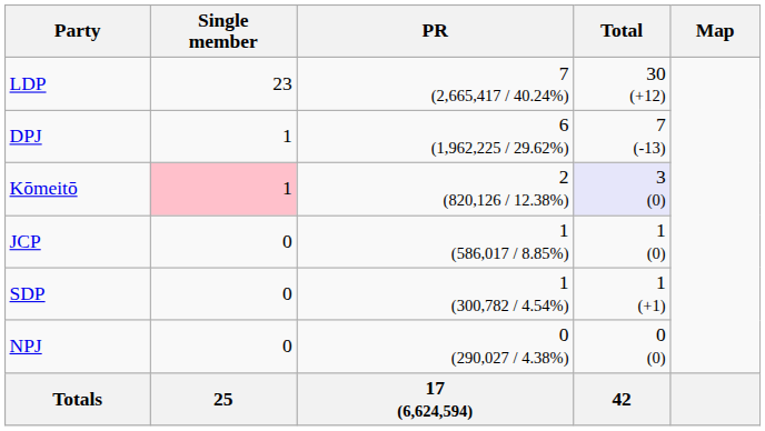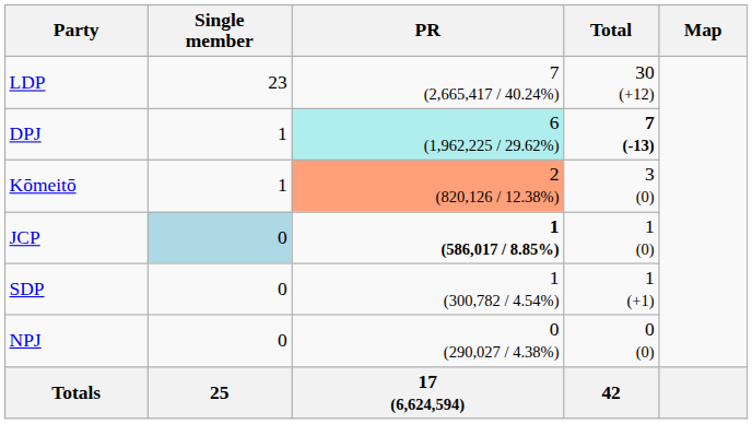 <table class="wikitable" width="100%">
 <tr>
 <th>Party</th>
 <th>Single<br>member</th>
 <th>PR</th>
 <th>Total</th>
 <th>Map</th>
 </tr>
 <tr>
 <td><a href='#'>LDP</a></td>
 <td align="right">23</td>
 <td align="right">7<br><small>(2,665,417 / 40.24%)</small></td>
 <td align="right">30<br><small>(+12)</small></td>
 <td rowspan=6 align="center"></td>
 </tr>
 <tr>
 <td><a href='#'>DPJ</a></td>
 <td align="right">1</td>
-<td align="right">6<br><small>(1,962,225 / 29.62%)</small></td>
-<td align="right">7<br><small>(-13)</small></td>
+<td align="right" style="background: paleturquoise;">6<br><small>(1,962,225 / 29.62%)</small></td>
+<td align="right"><strong>7<br><small>(-13)</small></strong></td>
 </tr>
 <tr>
 <td><a href='#'>Kōmeitō</a></td>
-<td align="right" style="background: pink;">1</td>
-<td align="right">2<br><small>(820,126 / 12.38%)</small></td>
-<td align="right" style="background: lavender;">3<br><small>(0)</small></td>
+<td align="right">1</td>
+<td align="right" style="background: lightsalmon;">2<br><small>(820,126 / 12.38%)</small></td>
+<td align="right">3<br><small>(0)</small></td>
 </tr>
 <tr>
 <td><a href='#'>JCP</a></td>
-<td align="right">0</td>
-<td align="right">1<br><small>(586,017 / 8.85%)</small></td>
+<td align="right" style="background: lightblue;">0</td>
+<td align="right"><strong>1<br><small>(586,017 / 8.85%)</small></strong></td>
 <td align="right">1<br><small>(0)</small></td>
 </tr>
 <tr>
 <td><a href='#'>SDP</a></td>
 <td align="right">0</td>
 <td align="right">1<br><small>(300,782 / 4.54%)</small></td>
 <td align="right">1<br><small>(+1)</small></td>
 </tr>
 <tr>
 <td><a href='#'>NPJ</a></td>
 <td align="right">0</td>
 <td align="right">0<br><small>(290,027 / 4.38%)</small></td>
 <td align="right">0<br><small>(0)</small></td>
 </tr>
 <tr bgcolor=lightgrey>
 <th><strong>Totals</strong></th>
 <th align="right">25</th>
 <th align="right">17<br><small>(6,624,594)</small></th>
 <th align="right">42</th>
 <th></th>
 </tr>
 </table>
